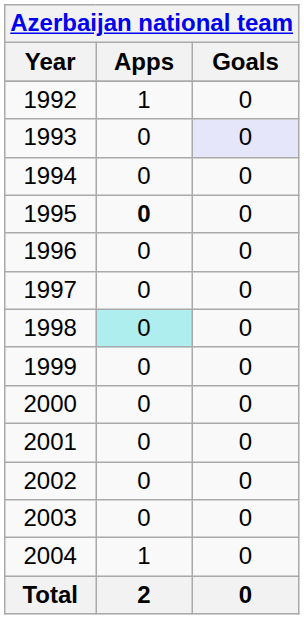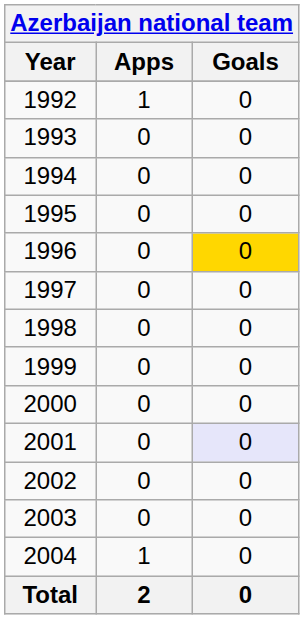 <table class="wikitable" style="text-align:center">
 <tr>
 <th colspan=3><a href='#'>Azerbaijan national team</a></th>
 </tr>
 <tr>
 <th>Year</th>
 <th>Apps</th>
 <th>Goals</th>
 </tr>
 <tr>
 </tr>
 <tr>
 <td>1992</td>
 <td>1</td>
 <td>0</td>
 </tr>
 <tr>
 <td>1993</td>
 <td>0</td>
-<td style="background: lavender;">0</td>
+<td>0</td>
 </tr>
 <tr>
 <td>1994</td>
 <td>0</td>
 <td>0</td>
 </tr>
 <tr>
 <td>1995</td>
-<td><strong>0</strong></td>
+<td>0</td>
 <td>0</td>
 </tr>
 <tr>
 <td>1996</td>
 <td>0</td>
-<td>0</td>
+<td style="background: gold;">0</td>
 </tr>
 <tr>
 <td>1997</td>
 <td>0</td>
 <td>0</td>
 </tr>
 <tr>
 <td>1998</td>
-<td style="background: paleturquoise;">0</td>
+<td>0</td>
 <td>0</td>
 </tr>
 <tr>
 <td>1999</td>
 <td>0</td>
 <td>0</td>
 </tr>
 <tr>
 <td>2000</td>
 <td>0</td>
 <td>0</td>
 </tr>
 <tr>
 <td>2001</td>
 <td>0</td>
-<td>0</td>
+<td style="background: lavender;">0</td>
 </tr>
 <tr>
 <td>2002</td>
 <td>0</td>
 <td>0</td>
 </tr>
 <tr>
 <td>2003</td>
 <td>0</td>
 <td>0</td>
 </tr>
 <tr>
 <td>2004</td>
 <td>1</td>
 <td>0</td>
 </tr>
 <tr>
 <th>Total</th>
 <th>2</th>
 <th>0</th>
 </tr>
 </table>
